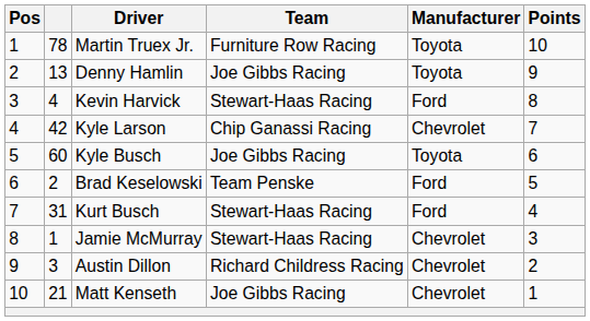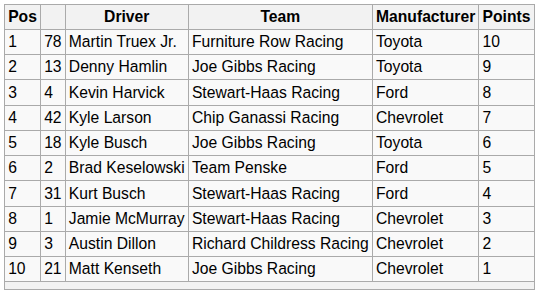 <table class="wikitable" style="font-size:98%">
 <tr>
 <th>Pos</th>
 <th></th>
 <th>Driver</th>
 <th>Team</th>
 <th>Manufacturer</th>
 <th>Points</th>
 </tr>
 <tr>
 <td>1</td>
 <td>78</td>
 <td>Martin Truex Jr.</td>
 <td>Furniture Row Racing</td>
 <td>Toyota</td>
 <td>10</td>
 </tr>
 <tr>
 <td>2</td>
 <td>13</td>
 <td>Denny Hamlin</td>
 <td>Joe Gibbs Racing</td>
 <td>Toyota</td>
 <td>9</td>
 </tr>
 <tr>
 <td>3</td>
 <td>4</td>
 <td>Kevin Harvick</td>
 <td>Stewart-Haas Racing</td>
 <td>Ford</td>
 <td>8</td>
 </tr>
 <tr>
 <td>4</td>
 <td>42</td>
 <td>Kyle Larson</td>
 <td>Chip Ganassi Racing</td>
 <td>Chevrolet</td>
 <td>7</td>
 </tr>
 <tr>
 <td>5</td>
-<td>60</td>
+<td>18</td>
 <td>Kyle Busch</td>
 <td>Joe Gibbs Racing</td>
 <td>Toyota</td>
 <td>6</td>
 </tr>
 <tr>
 <td>6</td>
 <td>2</td>
 <td>Brad Keselowski</td>
 <td>Team Penske</td>
 <td>Ford</td>
 <td>5</td>
 </tr>
 <tr>
 <td>7</td>
 <td>31</td>
 <td>Kurt Busch</td>
 <td>Stewart-Haas Racing</td>
 <td>Ford</td>
 <td>4</td>
 </tr>
 <tr>
 <td>8</td>
 <td>1</td>
 <td>Jamie McMurray</td>
 <td>Stewart-Haas Racing</td>
 <td>Chevrolet</td>
 <td>3</td>
 </tr>
 <tr>
 <td>9</td>
 <td>3</td>
 <td>Austin Dillon</td>
 <td>Richard Childress Racing</td>
 <td>Chevrolet</td>
 <td>2</td>
 </tr>
 <tr>
 <td>10</td>
 <td>21</td>
 <td>Matt Kenseth</td>
 <td>Joe Gibbs Racing</td>
 <td>Chevrolet</td>
 <td>1</td>
 </tr>
 <tr>
 <th colspan="6"></th>
 </tr>
 </table>
